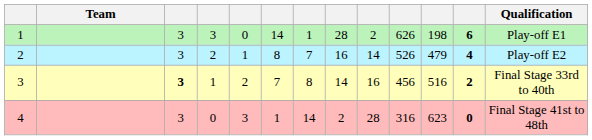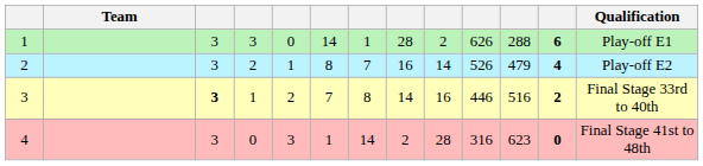 <table class=wikitable style="text-align:center" width=730>
 <tr>
 <th width=5.5%></th>
 <th width=22%>Team</th>
 <th width=5.5%></th>
 <th width=5.5%></th>
 <th width=5.5%></th>
 <th width=5.5%></th>
 <th width=5.5%></th>
 <th width=5.5%></th>
 <th width=5.5%></th>
 <th width=5.5%></th>
 <th width=5.5%></th>
 <th width=5.5%></th>
 <th width=18%>Qualification</th>
 </tr>
 <tr bgcolor=#bbf3bb>
 <td>1</td>
 <td style="text-align:left"></td>
 <td>3</td>
 <td>3</td>
 <td>0</td>
 <td>14</td>
 <td>1</td>
 <td>28</td>
 <td>2</td>
 <td>626</td>
-<td>198</td>
+<td>288</td>
 <td><strong>6</strong></td>
 <td>Play-off E1</td>
 </tr>
 <tr bgcolor=#bbf3ff>
 <td>2</td>
 <td style="text-align:left"></td>
 <td>3</td>
 <td>2</td>
 <td>1</td>
 <td>8</td>
 <td>7</td>
 <td>16</td>
 <td>14</td>
 <td>526</td>
 <td>479</td>
 <td><strong>4</strong></td>
 <td>Play-off E2</td>
 </tr>
 <tr bgcolor=#ffffbb>
 <td>3</td>
 <td style="text-align:left"></td>
 <td><strong>3</strong></td>
 <td>1</td>
 <td>2</td>
 <td>7</td>
 <td>8</td>
 <td>14</td>
 <td>16</td>
-<td>456</td>
+<td>446</td>
 <td>516</td>
 <td><strong>2</strong></td>
 <td>Final Stage 33rd to 40th</td>
 </tr>
 <tr bgcolor=#ffbbbb>
 <td>4</td>
 <td style="text-align:left"></td>
 <td>3</td>
 <td>0</td>
 <td>3</td>
 <td>1</td>
 <td>14</td>
 <td>2</td>
 <td>28</td>
 <td>316</td>
 <td>623</td>
 <td><strong>0</strong></td>
 <td>Final Stage 41st to 48th</td>
 </tr>
 </table>
